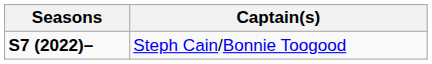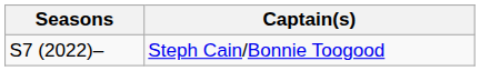 <table class=wikitable style=width:25%>
 <tr>
 <th>Seasons</th>
 <th>Captain(s)</th>
 </tr>
 <tr>
-<td><strong>S7 (2022)–</strong></td>
+<td>S7 (2022)–</td>
 <td><a href='#'>Steph Cain</a>/<a href='#'>Bonnie Toogood</a></td>
 </tr>
 </table>
